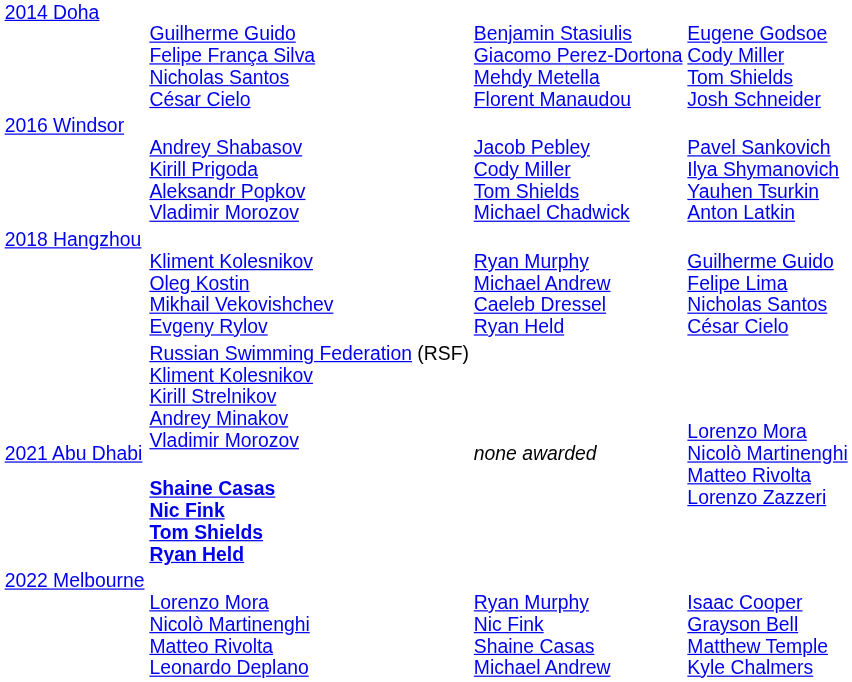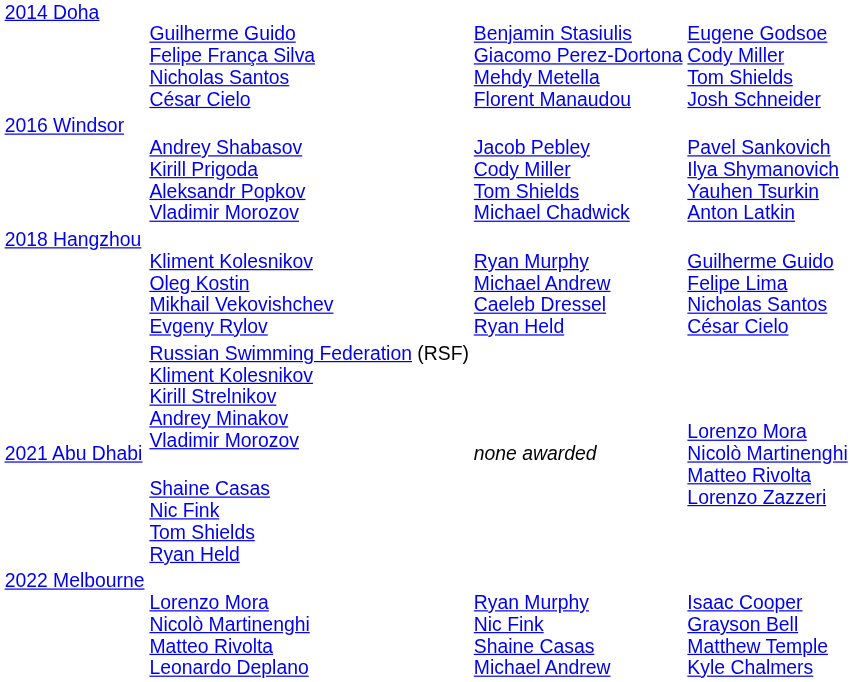 <table>
 <tr valign=top>
 <td><a href='#'>2014 Doha</a></td>
 <td><br><a href='#'>Guilherme Guido</a><br><a href='#'>Felipe França Silva</a><br><a href='#'>Nicholas Santos</a><br><a href='#'>César Cielo</a></td>
 <td><br><a href='#'>Benjamin Stasiulis</a><br><a href='#'>Giacomo Perez-Dortona</a><br><a href='#'>Mehdy Metella</a><br><a href='#'>Florent Manaudou</a></td>
 <td><br><a href='#'>Eugene Godsoe</a><br><a href='#'>Cody Miller</a><br><a href='#'>Tom Shields</a><br><a href='#'>Josh Schneider</a></td>
 </tr>
 <tr valign=top>
 <td><a href='#'>2016 Windsor</a></td>
 <td><br><a href='#'>Andrey Shabasov</a><br><a href='#'>Kirill Prigoda</a><br><a href='#'>Aleksandr Popkov</a><br><a href='#'>Vladimir Morozov</a></td>
 <td><br><a href='#'>Jacob Pebley</a><br><a href='#'>Cody Miller</a><br><a href='#'>Tom Shields</a><br><a href='#'>Michael Chadwick</a></td>
 <td><br><a href='#'>Pavel Sankovich</a><br><a href='#'>Ilya Shymanovich</a><br><a href='#'>Yauhen Tsurkin</a><br><a href='#'>Anton Latkin</a></td>
 </tr>
 <tr valign=top>
 <td><a href='#'>2018 Hangzhou</a></td>
 <td><br><a href='#'>Kliment Kolesnikov</a><br><a href='#'>Oleg Kostin</a><br><a href='#'>Mikhail Vekovishchev</a><br><a href='#'>Evgeny Rylov</a></td>
 <td><br><a href='#'>Ryan Murphy</a><br><a href='#'>Michael Andrew</a><br><a href='#'>Caeleb Dressel</a><br><a href='#'>Ryan Held</a></td>
 <td><br><a href='#'>Guilherme Guido</a><br><a href='#'>Felipe Lima</a><br><a href='#'>Nicholas Santos</a><br><a href='#'>César Cielo</a></td>
 </tr>
 <tr>
 <td rowspan=2><a href='#'>2021 Abu Dhabi</a></td>
 <td><a href='#'>Russian Swimming Federation</a> (RSF)<br><a href='#'>Kliment Kolesnikov</a><br><a href='#'>Kirill Strelnikov</a><br><a href='#'>Andrey Minakov</a><br><a href='#'>Vladimir Morozov</a></td>
 <td rowspan=2><em>none awarded</em></td>
 <td rowspan=2><br><a href='#'>Lorenzo Mora</a><br><a href='#'>Nicolò Martinenghi</a><br><a href='#'>Matteo Rivolta</a><br><a href='#'>Lorenzo Zazzeri</a></td>
 </tr>
 <tr>
-<td><strong><br><a href='#'>Shaine Casas</a><br><a href='#'>Nic Fink</a><br><a href='#'>Tom Shields</a><br><a href='#'>Ryan Held</a></strong></td>
+<td><br><a href='#'>Shaine Casas</a><br><a href='#'>Nic Fink</a><br><a href='#'>Tom Shields</a><br><a href='#'>Ryan Held</a></td>
 </tr>
 <tr valign=top>
 <td><a href='#'>2022 Melbourne</a></td>
 <td><br><a href='#'>Lorenzo Mora</a><br><a href='#'>Nicolò Martinenghi</a><br><a href='#'>Matteo Rivolta</a><br><a href='#'>Leonardo Deplano</a></td>
 <td><br><a href='#'>Ryan Murphy</a><br><a href='#'>Nic Fink</a><br><a href='#'>Shaine Casas</a><br><a href='#'>Michael Andrew</a></td>
 <td><br><a href='#'>Isaac Cooper</a><br><a href='#'>Grayson Bell</a><br><a href='#'>Matthew Temple</a><br><a href='#'>Kyle Chalmers</a></td>
 </tr>
 </table>
